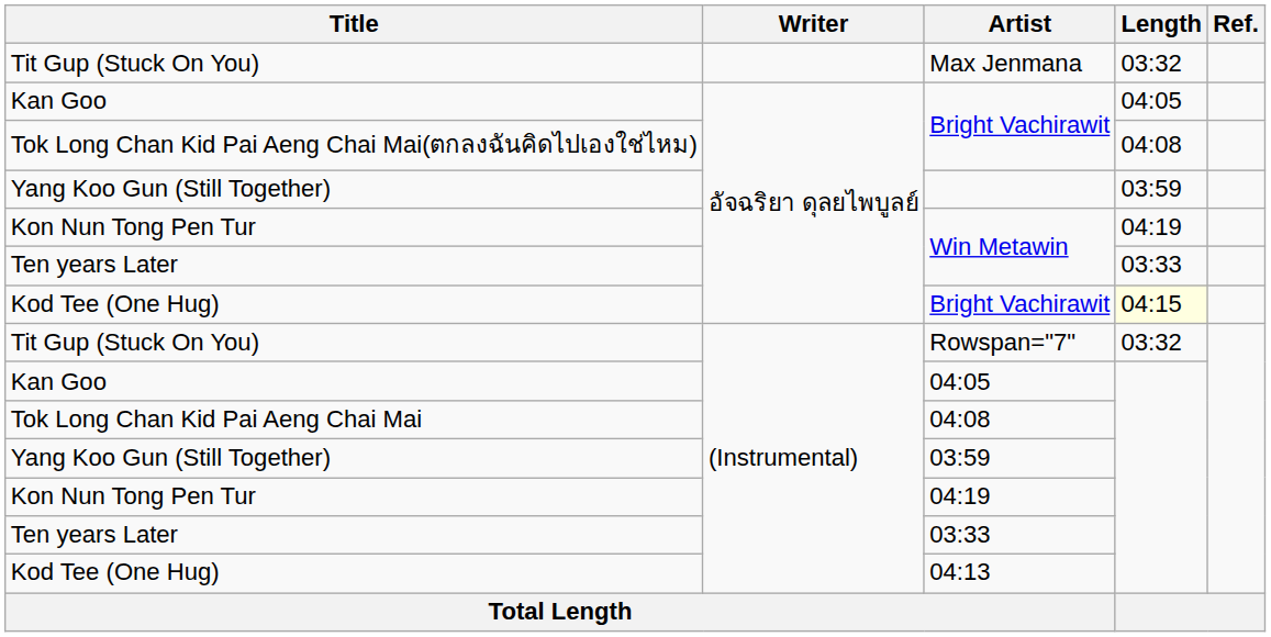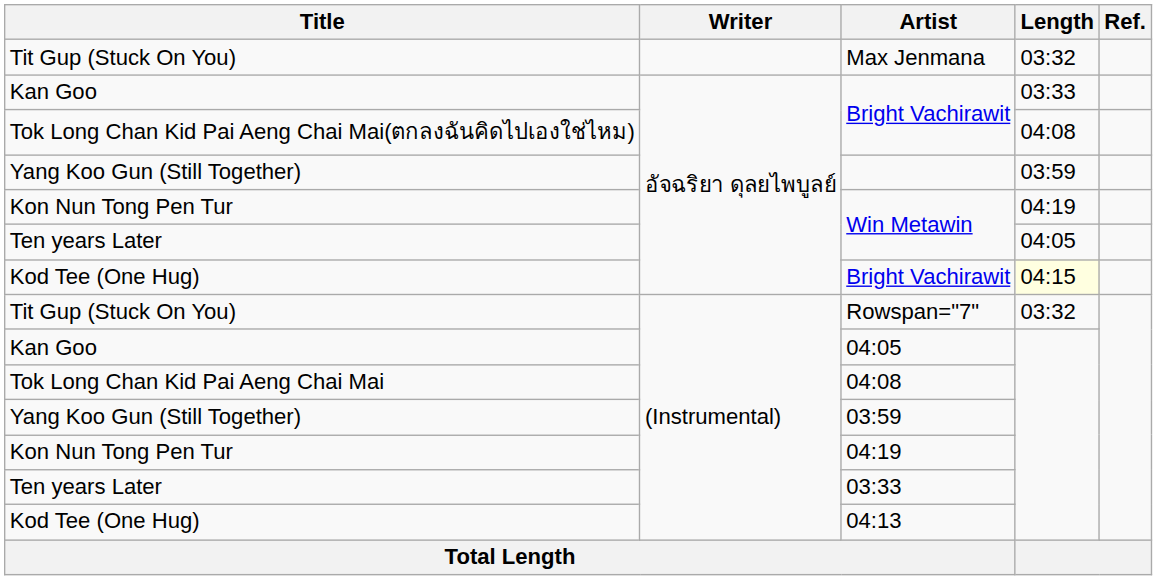 <table class="wikitable">
 <tr>
 <th>Title</th>
 <th>Writer</th>
 <th>Artist</th>
 <th>Length</th>
 <th>Ref.</th>
 </tr>
 <tr>
 <td>Tit Gup (Stuck On You)</td>
 <td></td>
 <td>Max Jenmana</td>
 <td>03:32</td>
 <td></td>
 </tr>
 <tr>
 <td>Kan Goo</td>
 <td Rowspan="6">อัจฉริยา ดุลยไพบูลย์</td>
 <td Rowspan="2"><a href='#'>Bright Vachirawit</a></td>
-<td>04:05</td>
+<td>03:33</td>
 <td></td>
 </tr>
 <tr>
 <td>Tok Long Chan Kid Pai Aeng Chai Mai(ตกลงฉันคิดไปเองใช่ไหม)</td>
 <td>04:08</td>
 <td></td>
 </tr>
 <tr>
 <td>Yang Koo Gun (Still Together)</td>
 <td></td>
 <td>03:59</td>
 <td></td>
 </tr>
 <tr>
 <td>Kon Nun Tong Pen Tur</td>
 <td Rowspan="2"><a href='#'>Win Metawin</a></td>
 <td>04:19</td>
 <td></td>
 </tr>
 <tr>
 <td>Ten years Later</td>
-<td>03:33</td>
+<td>04:05</td>
 <td></td>
 </tr>
 <tr>
 <td>Kod Tee (One Hug)</td>
 <td><a href='#'>Bright Vachirawit</a></td>
 <td style="background: lightyellow;">04:15</td>
 <td></td>
 </tr>
 <tr>
 <td>Tit Gup (Stuck On You)</td>
 <td Rowspan="7">(Instrumental)</td>
 <td>Rowspan="7"</td>
 <td>03:32</td>
 <td Rowspan="7"></td>
 </tr>
 <tr>
 <td>Kan Goo</td>
 <td>04:05</td>
 </tr>
 <tr>
 <td>Tok Long Chan Kid Pai Aeng Chai Mai</td>
 <td>04:08</td>
 </tr>
 <tr>
 <td>Yang Koo Gun (Still Together)</td>
 <td>03:59</td>
 </tr>
 <tr>
 <td>Kon Nun Tong Pen Tur</td>
 <td>04:19</td>
 </tr>
 <tr>
 <td>Ten years Later</td>
 <td>03:33</td>
 </tr>
 <tr>
 <td>Kod Tee (One Hug)</td>
 <td>04:13</td>
 </tr>
 <tr>
 <th colspan="3" style="text-align: center;">Total Length</th>
 <th colspan="2"><br></th>
 </tr>
 </table>
